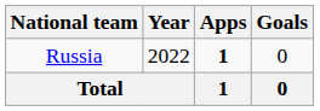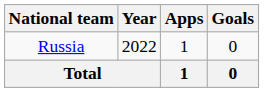 <table class="wikitable" style="text-align:center">
 <tr>
 <th>National team</th>
 <th>Year</th>
 <th>Apps</th>
 <th>Goals</th>
 </tr>
 <tr>
 <td><a href='#'>Russia</a></td>
 <td>2022</td>
-<td><strong>1</strong></td>
+<td>1</td>
 <td>0</td>
 </tr>
 <tr>
 <th colspan="2">Total</th>
 <th>1</th>
 <th>0</th>
 </tr>
 </table>
